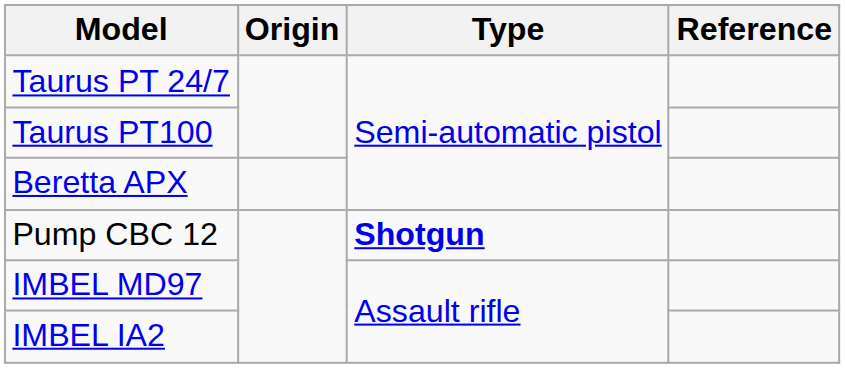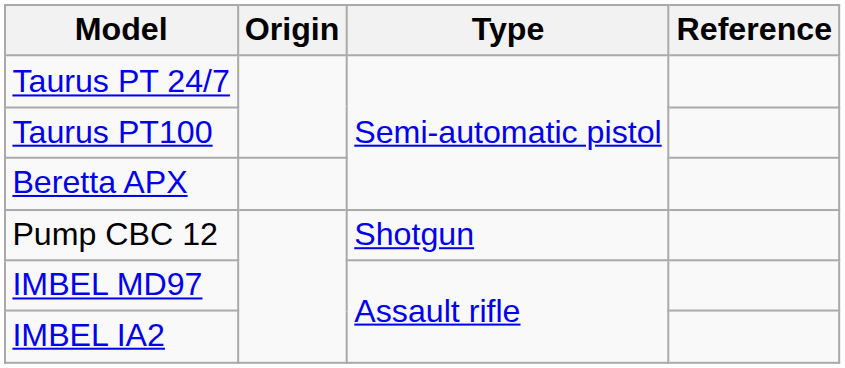 <table class="wikitable">
 <tr>
 <th>Model</th>
 <th>Origin</th>
 <th>Type</th>
 <th>Reference</th>
 </tr>
 <tr>
 <td><a href='#'>Taurus PT 24/7</a></td>
 <td rowspan="2"></td>
 <td rowspan="3"><a href='#'>Semi-automatic pistol</a></td>
 <td></td>
 </tr>
 <tr>
 <td><a href='#'>Taurus PT100</a></td>
 <td></td>
 </tr>
 <tr>
 <td><a href='#'>Beretta APX</a></td>
 <td></td>
 <td></td>
 </tr>
 <tr>
 <td>Pump CBC 12</td>
 <td rowspan="3"></td>
-<td><strong><a href='#'>Shotgun</a></strong></td>
+<td><a href='#'>Shotgun</a></td>
 <td></td>
 </tr>
 <tr>
 <td><a href='#'>IMBEL MD97</a></td>
 <td rowspan="2"><a href='#'>Assault rifle</a></td>
 <td></td>
 </tr>
 <tr>
 <td><a href='#'>IMBEL IA2</a></td>
 <td></td>
 </tr>
 </table>
